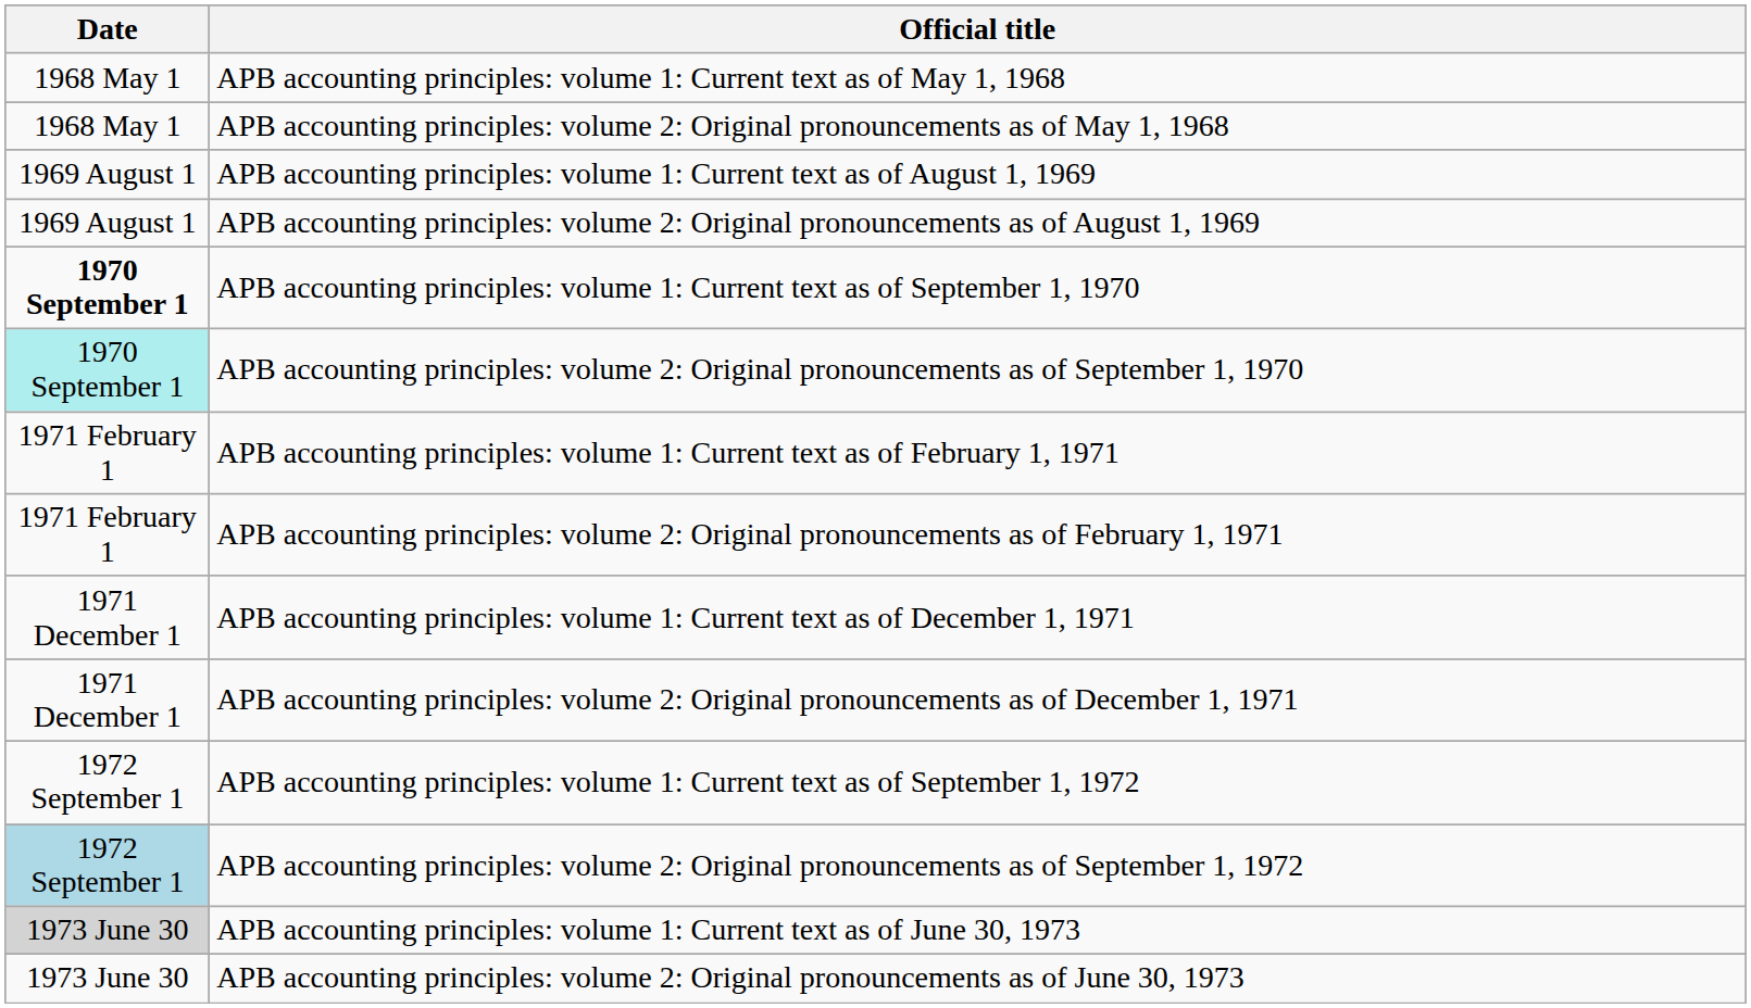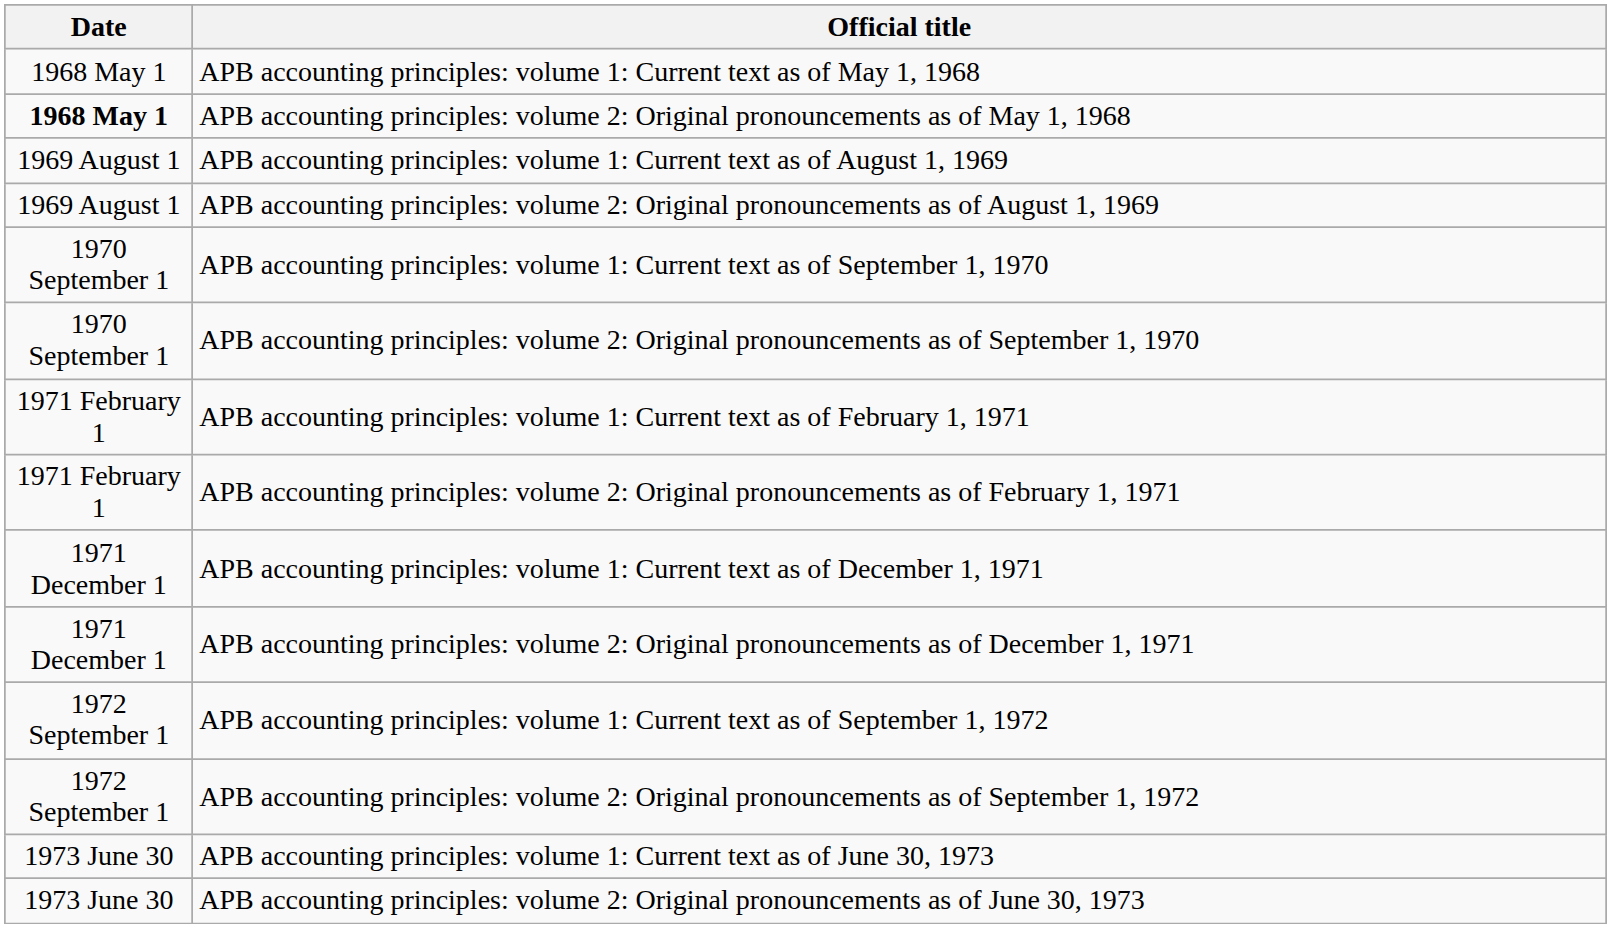 <table class="wikitable sortable">
 <tr>
 <th width="100">Date</th>
 <th width="800">Official title</th>
 </tr>
 <tr>
 <td align="center">1968 May 1</td>
 <td>APB accounting principles: volume 1: Current text as of May 1, 1968 </td>
 </tr>
 <tr>
-<td align="center">1968 May 1</td>
+<td align="center"><strong>1968 May 1</strong></td>
 <td>APB accounting principles: volume 2: Original pronouncements as of May 1, 1968 </td>
 </tr>
 <tr>
 <td align="center">1969 August 1</td>
 <td>APB accounting principles: volume 1: Current text as of August 1, 1969 </td>
 </tr>
 <tr>
 <td align="center">1969 August 1</td>
 <td>APB accounting principles: volume 2: Original pronouncements as of August 1, 1969 </td>
 </tr>
 <tr>
-<td align="center"><strong>1970 September 1</strong></td>
+<td align="center">1970 September 1</td>
 <td>APB accounting principles: volume 1: Current text as of September 1, 1970 </td>
 </tr>
 <tr>
-<td align="center" style="background: paleturquoise;">1970 September 1</td>
+<td align="center">1970 September 1</td>
 <td>APB accounting principles: volume 2: Original pronouncements as of September 1, 1970 </td>
 </tr>
 <tr>
 <td align="center">1971 February 1</td>
 <td>APB accounting principles: volume 1: Current text as of February 1, 1971 </td>
 </tr>
 <tr>
 <td align="center">1971 February 1</td>
 <td>APB accounting principles: volume 2: Original pronouncements as of February 1, 1971 </td>
 </tr>
 <tr>
 <td align="center">1971 December 1</td>
 <td>APB accounting principles: volume 1: Current text as of December 1, 1971 </td>
 </tr>
 <tr>
 <td align="center">1971 December 1</td>
 <td>APB accounting principles: volume 2: Original pronouncements as of December 1, 1971 </td>
 </tr>
 <tr>
 <td align="center">1972 September 1</td>
 <td>APB accounting principles: volume 1: Current text as of September 1, 1972 </td>
 </tr>
 <tr>
-<td align="center" style="background: lightblue;">1972 September 1</td>
+<td align="center">1972 September 1</td>
 <td>APB accounting principles: volume 2: Original pronouncements as of September 1, 1972 </td>
 </tr>
 <tr>
-<td align="center" style="background: lightgrey;">1973 June 30</td>
+<td align="center">1973 June 30</td>
 <td>APB accounting principles: volume 1: Current text as of June 30, 1973 </td>
 </tr>
 <tr>
 <td align="center">1973 June 30</td>
 <td>APB accounting principles: volume 2: Original pronouncements as of June 30, 1973 </td>
 </tr>
 </table>
